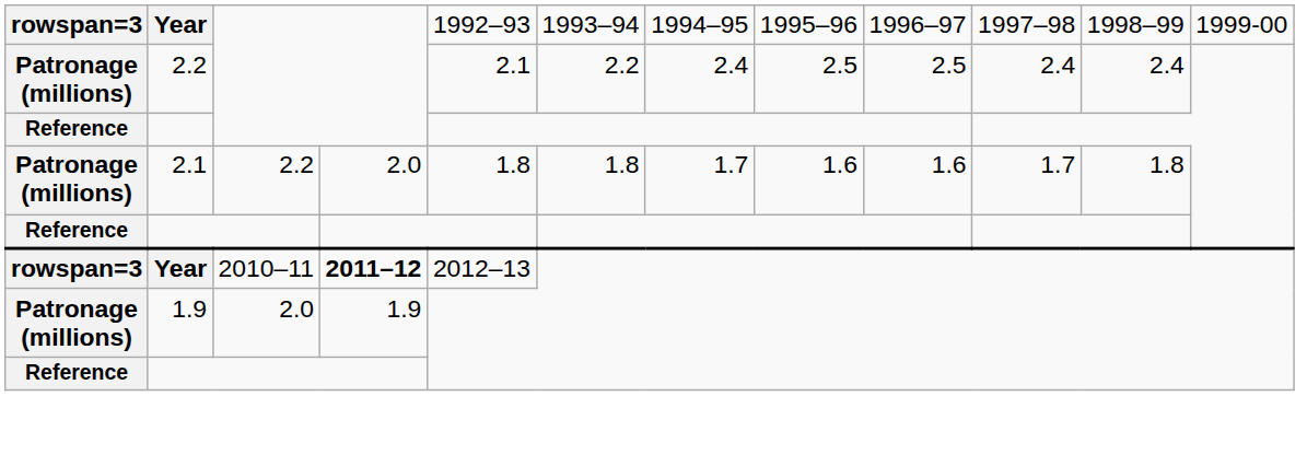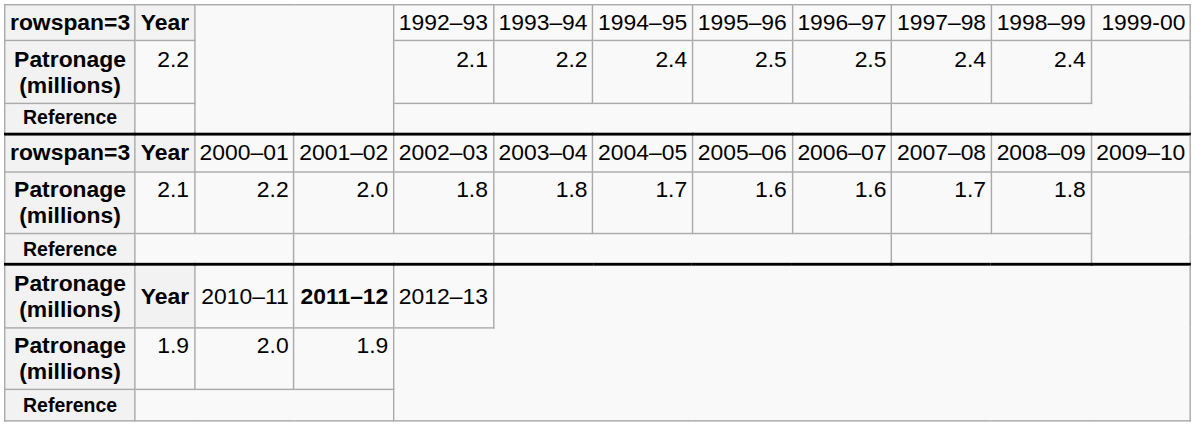 <table class="wikitable" style="text-align:right; white-space: nowrap;">
 <tr>
 <th>rowspan=3 </th>
 <th>Year</th>
 <td colspan="2" rowspan="3"></td>
 <td>1992–93</td>
 <td>1993–94</td>
 <td>1994–95</td>
 <td>1995–96</td>
 <td>1996–97</td>
 <td>1997–98</td>
 <td>1998–99</td>
 <td>1999-00</td>
 </tr>
 <tr style="vertical-align: top;">
 <th>Patronage<br><span>(millions)</span></th>
 <td>2.2</td>
 <td>2.1</td>
 <td>2.2</td>
 <td>2.4</td>
 <td>2.5</td>
 <td>2.5</td>
 <td>2.4</td>
 <td>2.4</td>
 </tr>
 <tr style="font-size:85%">
 <th>Reference<br></th>
 <td colspan="8"><br></td>
 </tr>
+<tr style="border-top:2px solid">
+<th>rowspan=3 </th>
+<th>Year</th>
+<td>2000–01</td>
+<td>2001–02</td>
+<td>2002–03</td>
+<td>2003–04</td>
+<td>2004–05</td>
+<td>2005–06</td>
+<td>2006–07</td>
+<td>2007–08</td>
+<td>2008–09</td>
+<td>2009–10</td>
+</tr>
 <tr style="vertical-align: top;">
 <th>Patronage<br><span>(millions)</span></th>
 <td>2.1</td>
 <td>2.2</td>
 <td>2.0</td>
 <td>1.8</td>
 <td>1.8</td>
 <td>1.7</td>
 <td>1.6</td>
 <td>1.6</td>
 <td>1.7</td>
 <td>1.8</td>
 </tr>
 <tr style="font-size:85%">
 <th>Reference<br></th>
 <td colspan="2"><br></td>
 <td colspan="2"><br></td>
 <td colspan="4"><br></td>
 <td colspan="2"><br></td>
 </tr>
 <tr style="border-top:2px solid">
-<th>rowspan=3 </th>
+<th>Patronage<br><span>(millions)</span></th>
 <th>Year</th>
 <td>2010–11</td>
 <td><strong>2011–12</strong></td>
 <td>2012–13</td>
 </tr>
 <tr style="vertical-align: top;">
 <th>Patronage<br><span>(millions)</span></th>
 <td>1.9</td>
 <td>2.0</td>
 <td>1.9</td>
 </tr>
 <tr style="font-size:85%">
 <th>Reference<br></th>
 <td colspan="3"></td>
 </tr>
 </table>
